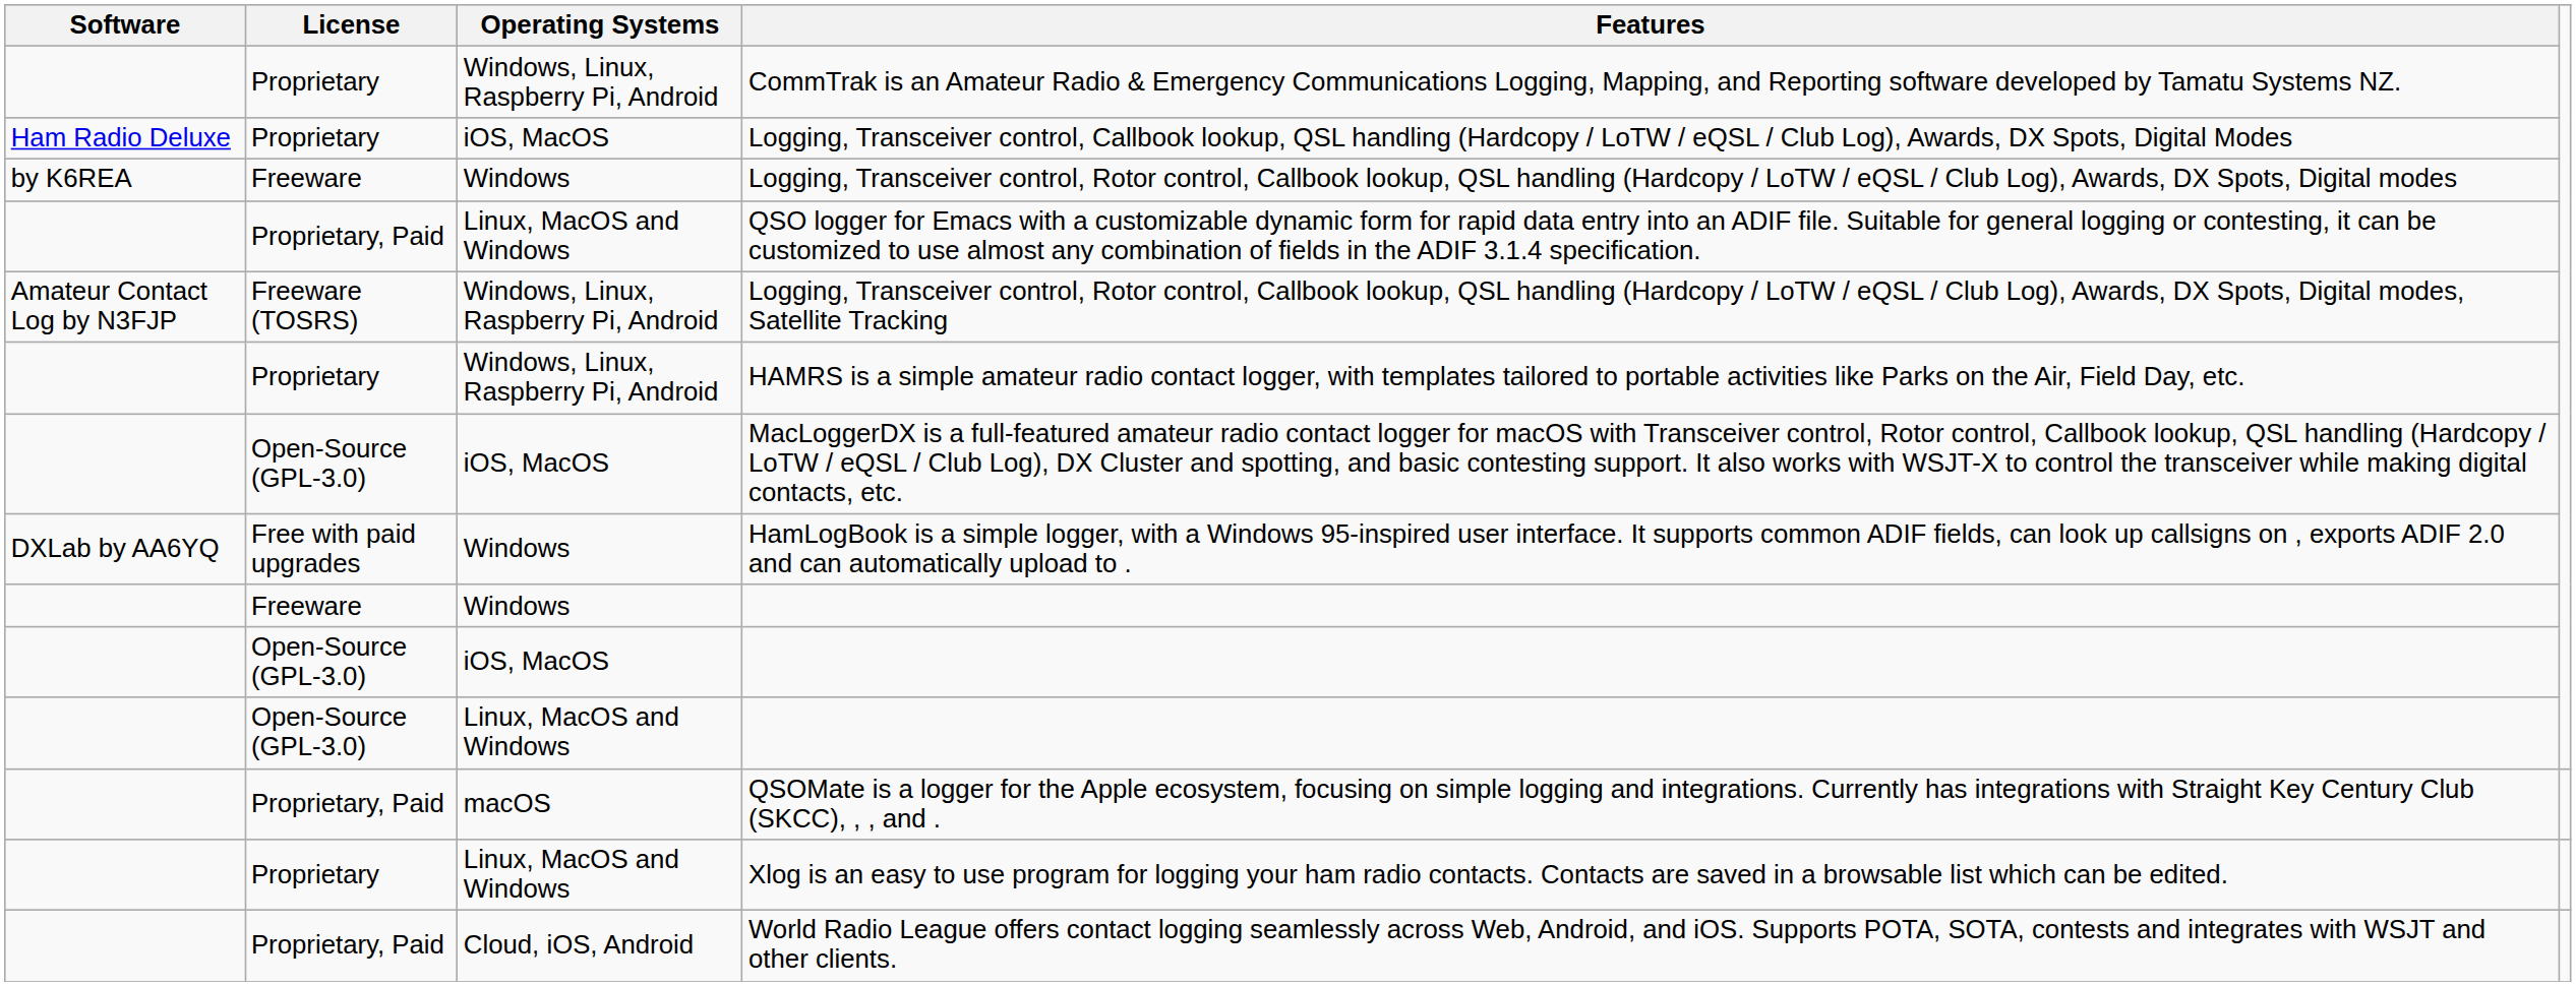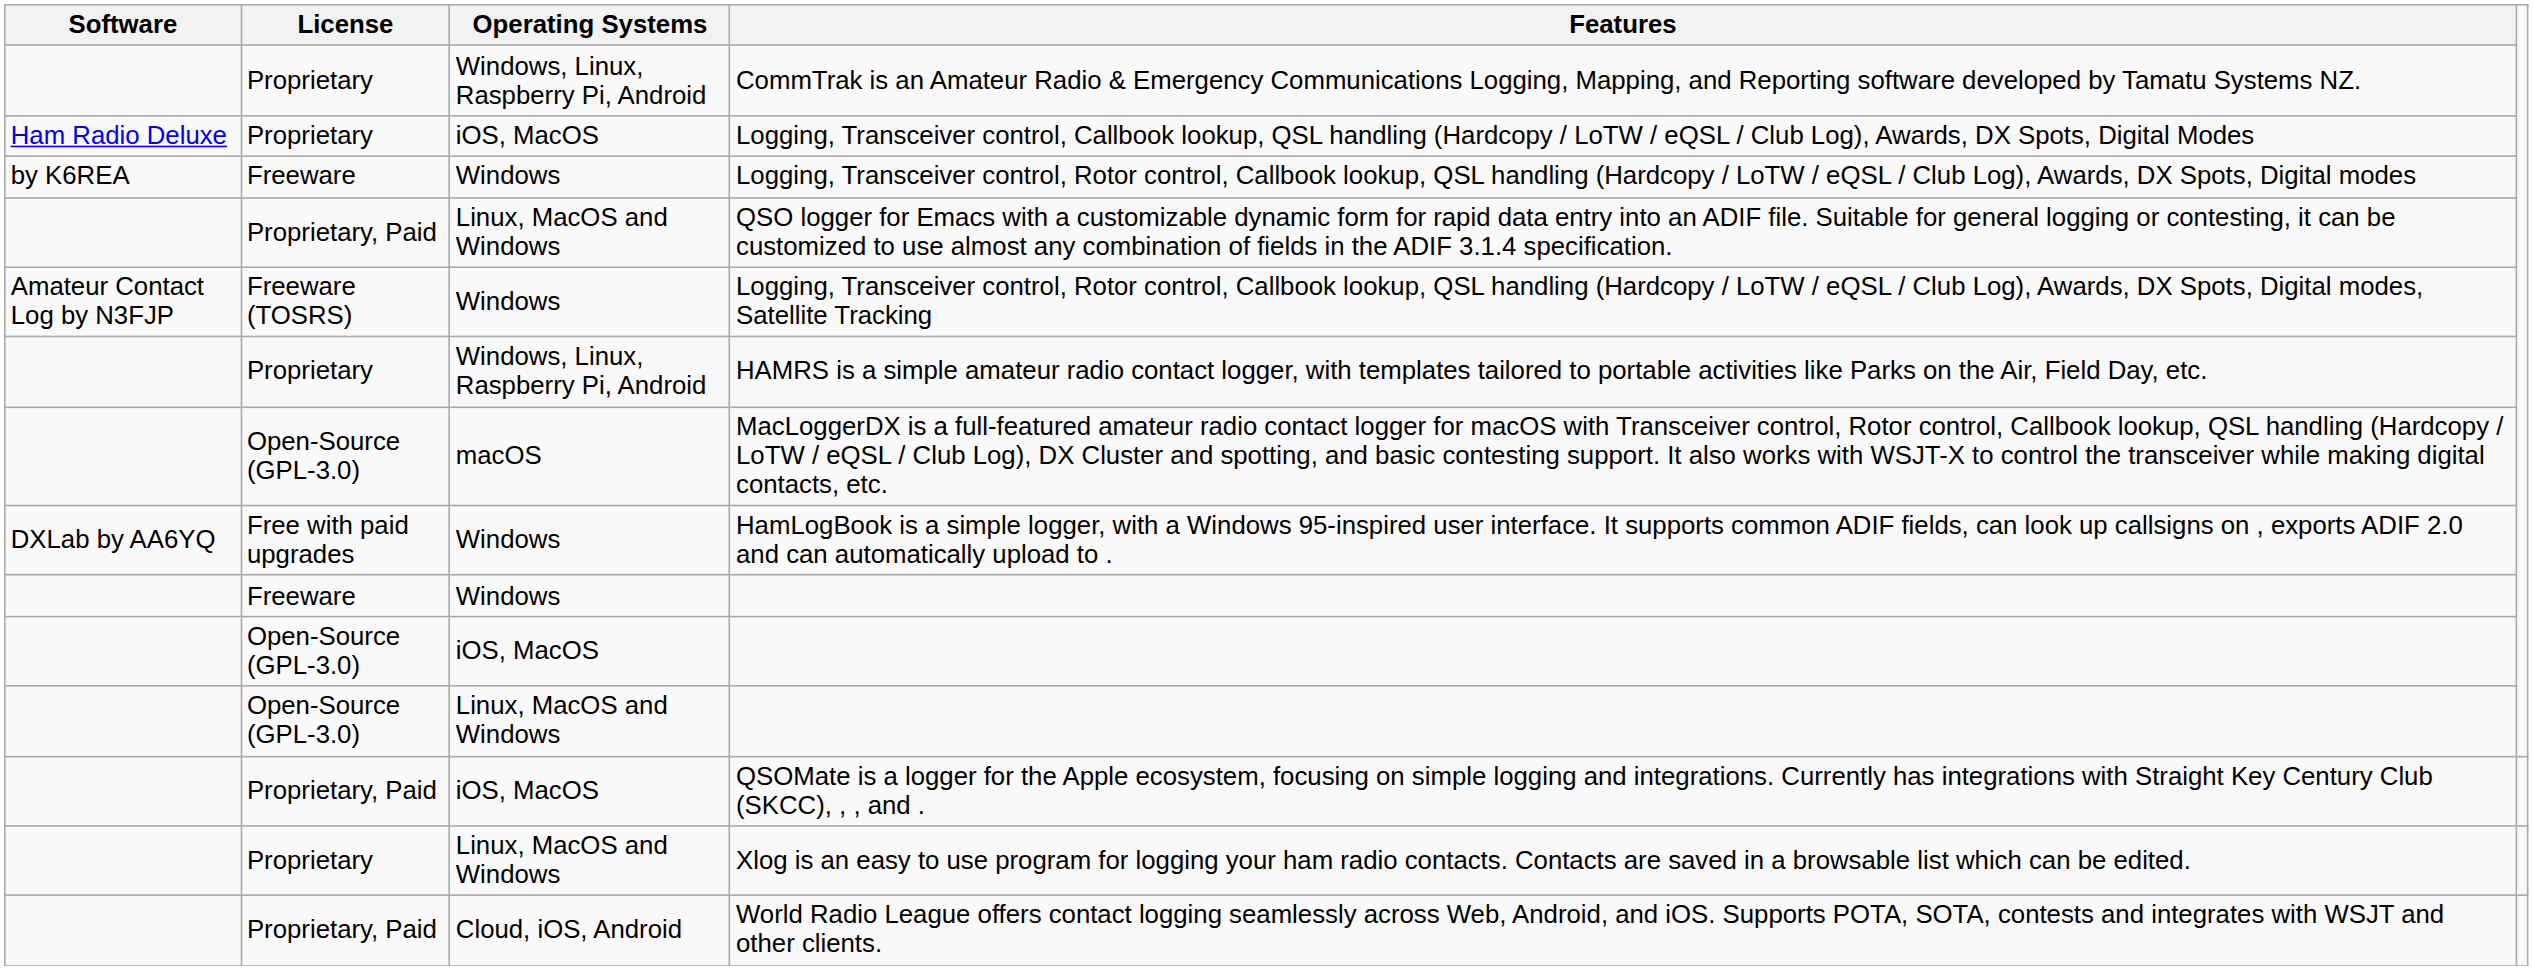 <table class="wikitable sortable">
 <tr>
 <th>Software</th>
 <th>License</th>
 <th>Operating Systems</th>
 <th>Features</th>
 </tr>
 <tr>
 <td></td>
 <td>Proprietary</td>
 <td>Windows, Linux, Raspberry Pi, Android</td>
 <td>CommTrak is an Amateur Radio & Emergency Communications Logging, Mapping, and Reporting software developed by Tamatu Systems NZ.</td>
 </tr>
 <tr>
 <td><a href='#'>Ham Radio Deluxe</a></td>
 <td>Proprietary</td>
 <td>iOS, MacOS</td>
 <td>Logging, Transceiver control, Callbook lookup, QSL handling (Hardcopy / LoTW / eQSL / Club Log), Awards,  DX Spots, Digital Modes</td>
 </tr>
 <tr>
 <td> by K6REA</td>
 <td>Freeware</td>
 <td>Windows</td>
 <td>Logging, Transceiver control, Rotor control, Callbook lookup, QSL handling (Hardcopy / LoTW / eQSL / Club Log), Awards, DX Spots, Digital modes</td>
 </tr>
 <tr>
 <td></td>
 <td>Proprietary, Paid</td>
 <td>Linux, MacOS and Windows</td>
 <td>QSO logger for Emacs with a customizable dynamic form for rapid data entry into an ADIF file. Suitable for general logging or contesting, it can be customized to use almost any combination of fields in the ADIF 3.1.4 specification.</td>
 </tr>
 <tr>
 <td>Amateur Contact Log by N3FJP</td>
 <td>Freeware (TOSRS)</td>
-<td>Windows, Linux, Raspberry Pi, Android</td>
+<td>Windows</td>
 <td>Logging, Transceiver control, Rotor control, Callbook lookup, QSL handling (Hardcopy / LoTW / eQSL / Club Log), Awards, DX Spots, Digital modes, Satellite Tracking</td>
 </tr>
 <tr>
 <td></td>
 <td>Proprietary</td>
 <td>Windows, Linux, Raspberry Pi, Android</td>
 <td>HAMRS is a simple amateur radio contact logger, with templates tailored to portable activities like Parks on the Air, Field Day, etc.</td>
 </tr>
 <tr>
 <td></td>
 <td>Open-Source (GPL-3.0)</td>
-<td>iOS, MacOS</td>
+<td>macOS</td>
 <td>MacLoggerDX is a full-featured amateur radio contact logger for macOS with Transceiver control, Rotor control, Callbook lookup, QSL handling (Hardcopy / LoTW / eQSL / Club Log), DX Cluster and spotting, and basic contesting support. It also works with WSJT-X to control the transceiver while making digital contacts, etc.</td>
 </tr>
 <tr>
 <td>DXLab by AA6YQ</td>
 <td>Free with paid upgrades</td>
 <td>Windows</td>
 <td>HamLogBook is a simple logger, with a Windows 95-inspired user interface. It supports common ADIF fields, can look up callsigns on , exports ADIF 2.0 and can automatically upload to .</td>
 </tr>
 <tr>
 <td></td>
 <td>Freeware</td>
 <td>Windows</td>
 <td></td>
 </tr>
 <tr>
 <td></td>
 <td>Open-Source (GPL-3.0)</td>
 <td>iOS, MacOS</td>
 <td></td>
 </tr>
 <tr>
 <td></td>
 <td>Open-Source (GPL-3.0)</td>
 <td>Linux, MacOS and Windows</td>
 <td></td>
 </tr>
 <tr>
 <td></td>
 <td>Proprietary, Paid</td>
-<td>macOS</td>
+<td>iOS, MacOS</td>
 <td>QSOMate is a logger for the Apple ecosystem, focusing on simple logging and integrations. Currently has integrations with Straight Key Century Club (SKCC), , , and .</td>
 <td></td>
 </tr>
 <tr>
 <td></td>
 <td>Proprietary</td>
 <td>Linux, MacOS and Windows</td>
 <td>Xlog is an easy to use program for logging your ham radio contacts. Contacts are saved in a browsable list which can be edited.</td>
 <td></td>
 </tr>
 <tr>
 <td></td>
 <td>Proprietary, Paid</td>
 <td>Cloud, iOS, Android</td>
 <td>World Radio League offers contact logging seamlessly across Web, Android, and iOS. Supports POTA, SOTA, contests and integrates with WSJT and other clients.</td>
 <td></td>
 </tr>
 </table>
